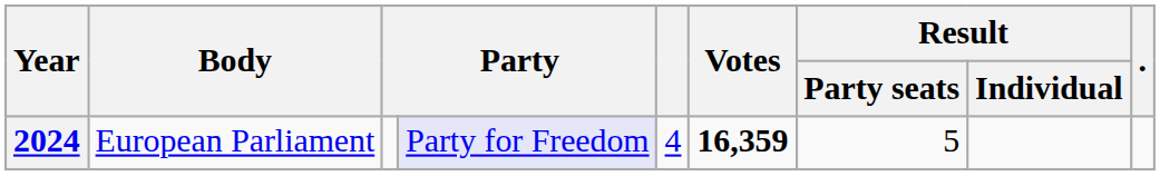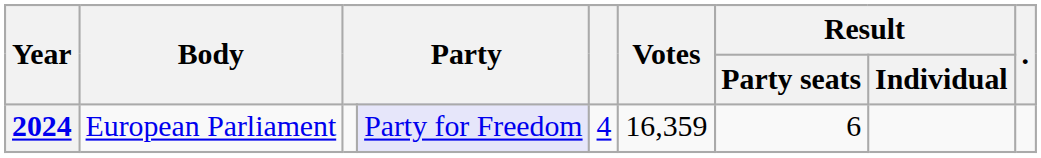 <table class="wikitable plainrowheaders sortable" border=2 cellpadding=4 cellspacing=0 style="border: 1px #aaa solid; font-size: 90%; text-align:center;">
 <tr>
 <th scope="col" rowspan=2>Year</th>
 <th scope="col" rowspan=2>Body</th>
 <th scope="col" colspan=2 rowspan=2>Party</th>
 <th scope="col" rowspan=2></th>
 <th scope="col" rowspan=2>Votes</th>
 <th scope="colgroup" colspan=2>Result</th>
 <th scope="col" rowspan=2>.</th>
 </tr>
 <tr>
 <th scope="col">Party seats</th>
 <th scope="col">Individual</th>
 </tr>
 <tr>
 <th scope="row"><a href='#'>2024</a></th>
 <td><a href='#'>European Parliament</a></td>
 <td style="background-color:"></td>
 <td style="background: lavender;"><a href='#'>Party for Freedom</a></td>
 <td style=text-align:right><a href='#'>4</a></td>
-<td style=text-align:right><strong>16,359</strong></td>
-<td style=text-align:right>5</td>
+<td style=text-align:right>16,359</td>
+<td style=text-align:right>6</td>
 <td></td>
 <td></td>
 </tr>
 </table>
